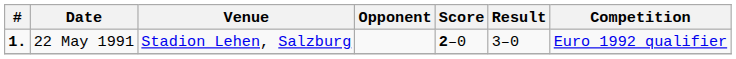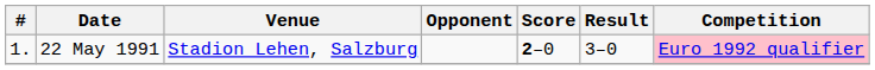 <table class="wikitable">
 <tr>
 <th>#</th>
 <th>Date</th>
 <th>Venue</th>
 <th>Opponent</th>
 <th>Score</th>
 <th>Result</th>
 <th>Competition</th>
 </tr>
 <tr>
-<td><strong>1.</strong></td>
+<td>1.</td>
 <td>22 May 1991</td>
 <td><a href='#'>Stadion Lehen</a>, <a href='#'>Salzburg</a></td>
 <td></td>
 <td><strong>2</strong>–0</td>
 <td>3–0</td>
-<td><a href='#'>Euro 1992 qualifier</a></td>
+<td style="background: pink;"><a href='#'>Euro 1992 qualifier</a></td>
 </tr>
 <tr>
 </tr>
 </table>
